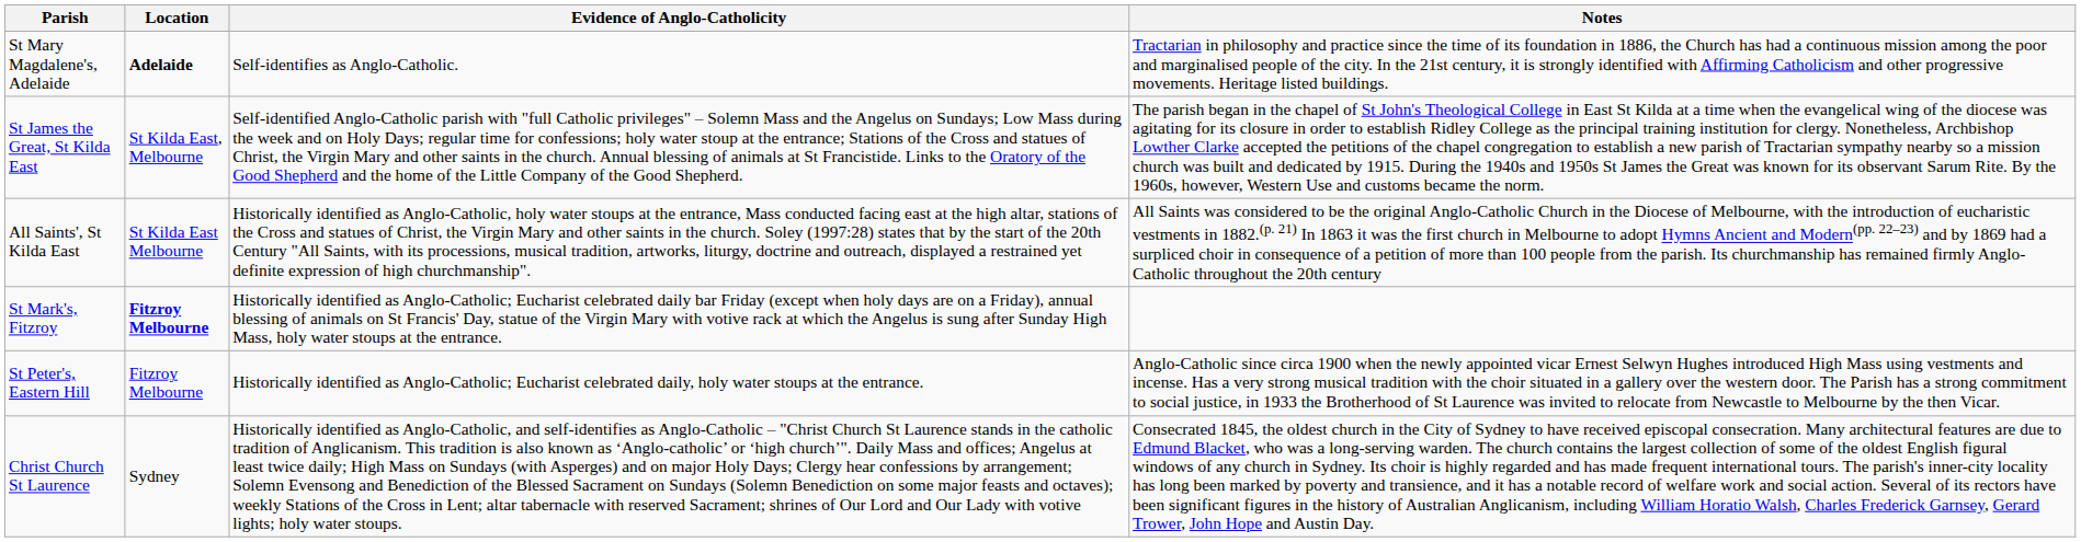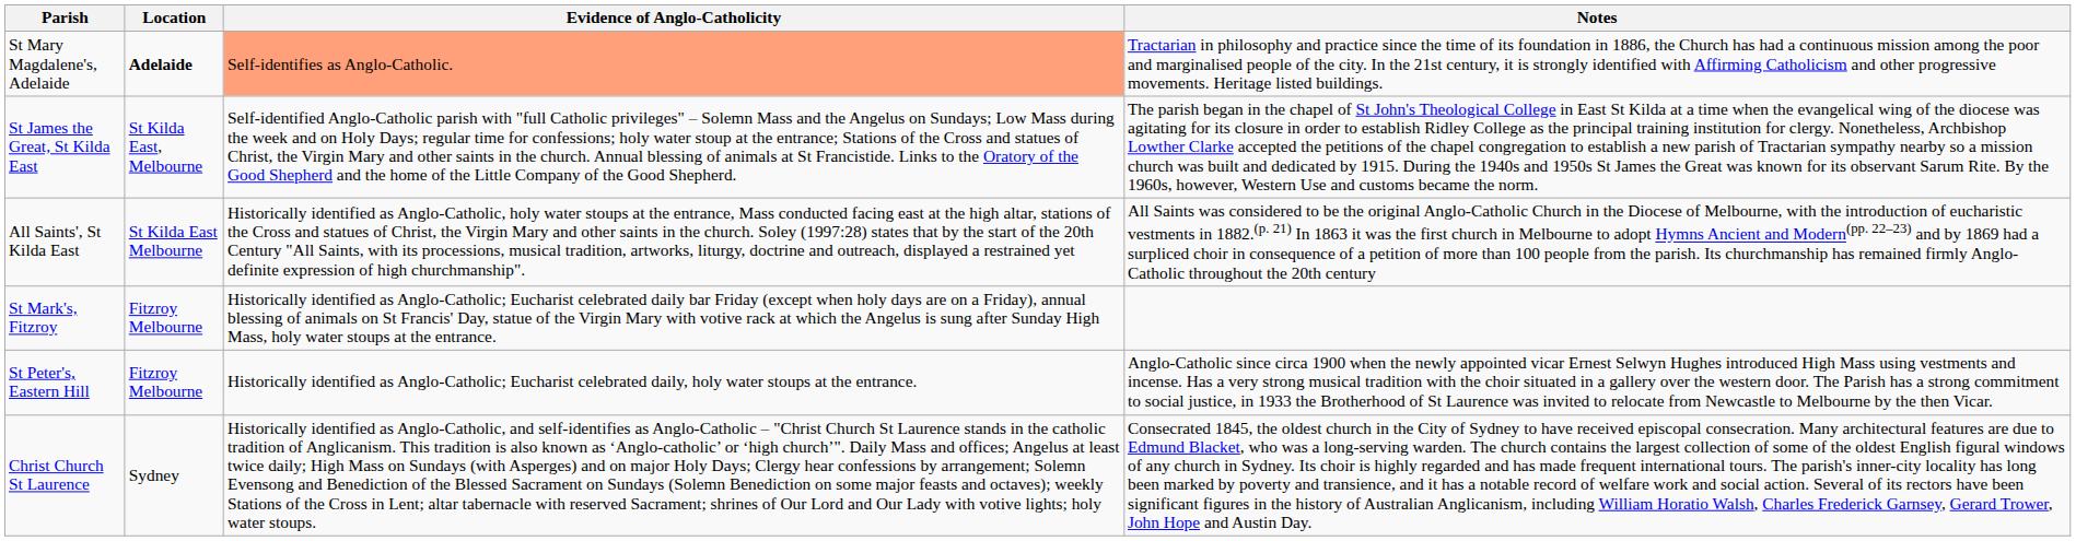 <table class="wikitable sortable">
 <tr>
 <th>Parish</th>
 <th>Location</th>
 <th>Evidence of Anglo-Catholicity</th>
 <th>Notes</th>
 </tr>
 <tr>
 <td>St Mary Magdalene's, Adelaide</td>
 <td><strong>Adelaide</strong></td>
-<td>Self-identifies as Anglo-Catholic.</td>
+<td style="background: lightsalmon;">Self-identifies as Anglo-Catholic.</td>
 <td><a href='#'>Tractarian</a> in philosophy and practice since the time of its foundation in 1886, the Church has had a continuous mission among the poor and marginalised people of the city. In the 21st century, it is strongly identified with <a href='#'>Affirming Catholicism</a> and other progressive movements. Heritage listed buildings.</td>
 </tr>
 <tr>
 <td><a href='#'>St James the Great, St Kilda East</a></td>
 <td><a href='#'>St Kilda East</a>, <a href='#'>Melbourne</a></td>
 <td>Self-identified Anglo-Catholic parish with "full Catholic privileges" – Solemn Mass and the Angelus on Sundays; Low Mass during the week and on Holy Days; regular time for confessions; holy water stoup at the entrance; Stations of the Cross and statues of Christ, the Virgin Mary and other saints in the church. Annual blessing of animals at St Francistide. Links to the <a href='#'>Oratory of the Good Shepherd</a> and the home of the Little Company of the Good Shepherd.</td>
 <td>The parish began in the chapel of <a href='#'>St John's Theological College</a> in East St Kilda at a time when the evangelical wing of the diocese was agitating for its closure in order to establish Ridley College as the principal training institution for clergy. Nonetheless, Archbishop <a href='#'>Lowther Clarke</a> accepted the petitions of the chapel congregation to establish a new parish of Tractarian sympathy nearby so a mission church was built and dedicated by 1915. During the 1940s and 1950s St James the Great was known for its observant Sarum Rite. By the 1960s, however, Western Use and customs became the norm.</td>
 </tr>
 <tr>
 <td>All Saints', St Kilda East</td>
 <td><a href='#'>St Kilda East</a> <a href='#'>Melbourne</a></td>
 <td>Historically identified as Anglo-Catholic, holy water stoups at the entrance, Mass conducted facing east at the high altar, stations of the Cross and statues of Christ, the Virgin Mary and other saints in the church.  Soley (1997:28) states that by the start of the 20th Century "All Saints, with its processions, musical tradition, artworks, liturgy, doctrine and outreach, displayed a restrained yet definite expression of high churchmanship".</td>
 <td>All Saints was considered to be the original Anglo-Catholic Church in the Diocese of Melbourne, with the introduction of eucharistic vestments in 1882.<sup>(p. 21)</sup> In 1863 it was the first church in Melbourne to adopt <a href='#'>Hymns Ancient and Modern</a><sup>(pp. 22–23)</sup> and by 1869 had a surpliced choir in consequence of a petition of more than 100 people from the parish.  Its churchmanship has remained firmly Anglo-Catholic throughout the 20th century</td>
 </tr>
 <tr>
 <td><a href='#'>St Mark's, Fitzroy</a></td>
-<td><strong><a href='#'>Fitzroy</a> <a href='#'>Melbourne</a></strong></td>
+<td><a href='#'>Fitzroy</a> <a href='#'>Melbourne</a></td>
 <td>Historically identified as Anglo-Catholic; Eucharist celebrated daily bar Friday (except when holy days are on a Friday), annual blessing of animals on St Francis' Day, statue of the Virgin Mary with votive rack at which the Angelus is sung after Sunday High Mass, holy water stoups at the entrance.</td>
 </tr>
 <tr>
 <td><a href='#'>St Peter's, Eastern Hill</a></td>
 <td><a href='#'>Fitzroy</a> <a href='#'>Melbourne</a></td>
 <td>Historically identified as Anglo-Catholic; Eucharist celebrated daily, holy water stoups at the entrance.</td>
 <td>Anglo-Catholic since circa 1900 when the newly appointed vicar Ernest Selwyn Hughes introduced High Mass using vestments and incense.  Has a very strong musical tradition with the choir situated in a gallery over the western door. The Parish has a strong commitment to social justice, in 1933 the Brotherhood of St Laurence was invited to relocate from Newcastle to Melbourne by the then Vicar.</td>
 </tr>
 <tr>
 <td><a href='#'>Christ Church St Laurence</a></td>
 <td>Sydney</td>
 <td>Historically identified as Anglo-Catholic, and self-identifies as Anglo-Catholic – "Christ Church St Laurence stands in the catholic tradition of Anglicanism. This tradition is also known as ‘Anglo-catholic’ or ‘high church’". Daily Mass and offices; Angelus at least twice daily; High Mass on Sundays (with Asperges) and on major Holy Days; Clergy hear confessions by arrangement; Solemn Evensong and Benediction of the Blessed Sacrament on Sundays (Solemn Benediction on some major feasts and octaves); weekly Stations of the Cross in Lent; altar tabernacle with reserved Sacrament; shrines of Our Lord and Our Lady with votive lights; holy water stoups.</td>
 <td>Consecrated 1845, the oldest church in the City of Sydney to have received episcopal consecration. Many architectural features are due to <a href='#'>Edmund Blacket</a>, who was a long-serving warden. The church contains the largest collection of some of the oldest English figural windows of any church in Sydney. Its choir is highly regarded and has made frequent international tours. The parish's inner-city locality has long been marked by poverty and transience, and it has a notable record of welfare work and social action. Several of its rectors have been significant figures in the history of Australian Anglicanism, including <a href='#'>William Horatio Walsh</a>, <a href='#'>Charles Frederick Garnsey</a>, <a href='#'>Gerard Trower</a>, <a href='#'>John Hope</a> and Austin Day.</td>
 </tr>
 </table>
